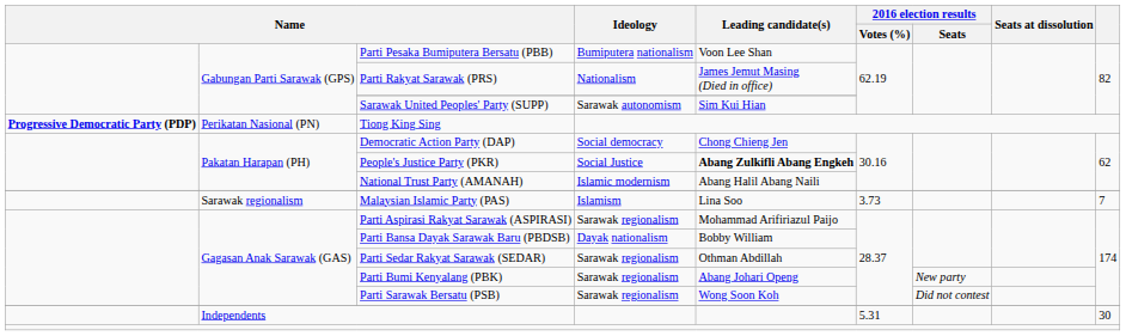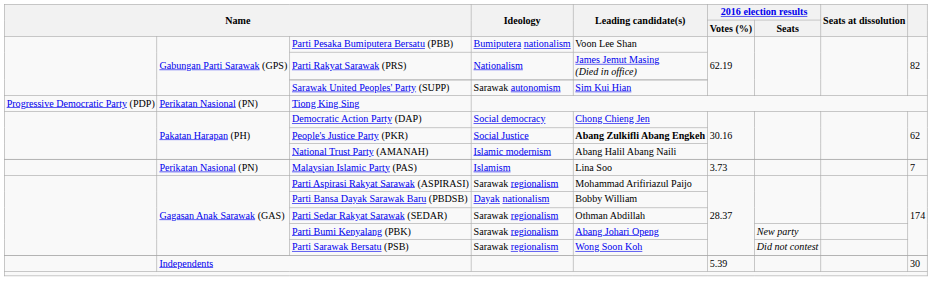 <table class="wikitable">
 <tr>
 <th colspan="3" rowspan="2">Name</th>
 <th rowspan="2">Ideology</th>
 <th rowspan="2">Leading candidate(s)</th>
 <th colspan="2"><a href='#'>2016 election results</a></th>
 <th rowspan="2">Seats at dissolution</th>
 <th rowspan="2"></th>
 </tr>
 <tr>
 <th>Votes (%)</th>
 <th>Seats</th>
 </tr>
 <tr>
 <td rowspan="4" style="background-color:"></td>
 <td rowspan="4"><a href='#'>Gabungan Parti Sarawak</a> (GPS)</td>
 <td><a href='#'>Parti Pesaka Bumiputera Bersatu</a> (PBB)</td>
 <td><a href='#'>Bumiputera</a> <a href='#'>nationalism</a></td>
 <td>Voon Lee Shan</td>
 <td rowspan="4">62.19</td>
 <td rowspan="4"></td>
 <td rowspan="4"></td>
 <td rowspan="4">82</td>
 </tr>
 <tr>
 <td><a href='#'>Parti Rakyat Sarawak</a> (PRS)</td>
 <td><a href='#'>Nationalism</a></td>
 <td><a href='#'>James Jemut Masing</a><br><em>(Died in office)</em></td>
 </tr>
 <tr 33>
 </tr>
 <tr>
 <td><a href='#'>Sarawak United Peoples' Party</a> (SUPP)</td>
 <td>Sarawak <a href='#'>autonomism</a></td>
 <td><a href='#'>Sim Kui Hian</a></td>
 </tr>
 <tr 20>
-<td><strong><a href='#'>Progressive Democratic Party</a> (PDP)</strong></td>
+<td><a href='#'>Progressive Democratic Party</a> (PDP)</td>
 <td rowspan="1"><a href='#'>Perikatan Nasional</a> (PN)</td>
 <td><a href='#'>Tiong King Sing</a></td>
 </tr>
 <tr 28>
 <td rowspan="3" style="background-color:"></td>
 <td rowspan="3"><a href='#'>Pakatan Harapan</a> (PH)</td>
 <td><a href='#'>Democratic Action Party</a> (DAP)</td>
 <td><a href='#'>Social democracy</a></td>
 <td><a href='#'>Chong Chieng Jen</a></td>
 <td rowspan="3">30.16</td>
 <td rowspan="3"></td>
 <td rowspan="3"></td>
 <td rowspan="3">62</td>
 </tr>
 <tr 21>
 <td><a href='#'>People's Justice Party</a> (PKR)</td>
 <td><a href='#'>Social Justice</a></td>
 <td><strong>Abang Zulkifli Abang Engkeh</strong></td>
 </tr>
 <tr 28>
 <td><a href='#'>National Trust Party</a> (AMANAH)</td>
 <td><a href='#'>Islamic modernism</a></td>
 <td>Abang Halil Abang Naili</td>
 </tr>
 <tr 9>
 </tr>
 <tr>
 <td style="background-color:"></td>
-<td>Sarawak <a href='#'>regionalism</a></td>
+<td rowspan="1"><a href='#'>Perikatan Nasional</a> (PN)</td>
 <td><a href='#'>Malaysian Islamic Party</a> (PAS)</td>
 <td><a href='#'>Islamism</a></td>
 <td>Lina Soo</td>
 <td>3.73</td>
 <td></td>
 <td></td>
 <td>7</td>
 </tr>
 <tr>
 <td rowspan="5" style="background-color:"></td>
 <td rowspan="5"><a href='#'>Gagasan Anak Sarawak</a> (GAS)</td>
 <td><a href='#'>Parti Aspirasi Rakyat Sarawak</a> (ASPIRASI)</td>
 <td>Sarawak <a href='#'>regionalism</a></td>
 <td>Mohammad Arifiriazul Paijo</td>
 <td rowspan="5">28.37</td>
 <td rowspan="3"></td>
 <td rowspan="3"></td>
 <td rowspan="5">174</td>
 </tr>
 <tr 15>
 <td><a href='#'>Parti Bansa Dayak Sarawak Baru</a> (PBDSB)</td>
 <td><a href='#'>Dayak</a> <a href='#'>nationalism</a></td>
 <td>Bobby William</td>
 </tr>
 <tr 11>
 <td><a href='#'>Parti Sedar Rakyat Sarawak</a> (SEDAR)</td>
 <td>Sarawak <a href='#'>regionalism</a></td>
 <td>Othman Abdillah</td>
 </tr>
 <tr 5>
 <td><a href='#'>Parti Bumi Kenyalang</a> (PBK)</td>
 <td>Sarawak <a href='#'>regionalism</a></td>
 <td><a href='#'>Abang Johari Openg</a></td>
 <td><em>New party</em></td>
 <td></td>
 </tr>
 <tr 73>
 <td><a href='#'>Parti Sarawak Bersatu</a> (PSB)</td>
 <td>Sarawak <a href='#'>regionalism</a></td>
 <td><a href='#'>Wong Soon Koh</a></td>
 <td><em>Did not contest</em></td>
 <td></td>
 </tr>
 <tr 70>
 </tr>
 <tr>
 <td style="background-color:"></td>
 <td colspan="2"><a href='#'>Independents</a></td>
 <td></td>
 <td></td>
-<td>5.31</td>
+<td>5.39</td>
 <td></td>
 <td></td>
 <td>30</td>
 </tr>
 <tr>
 <td colspan="9"></td>
 </tr>
 </table>
